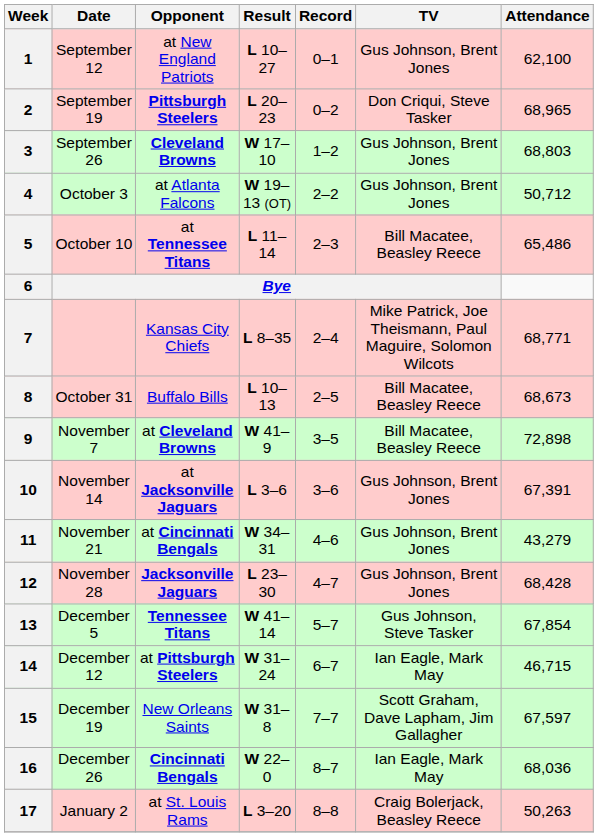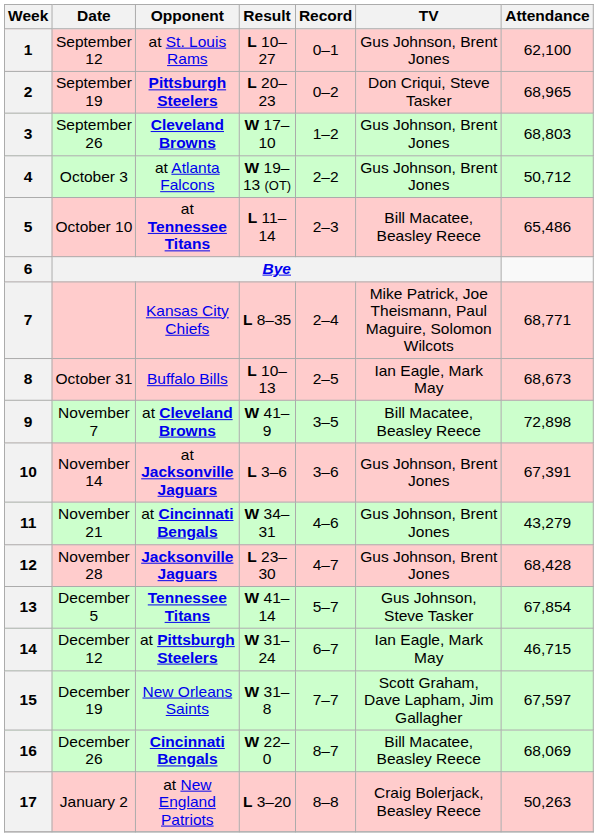 <table class="wikitable" style="text-align:center">
 <tr>
 <th>Week</th>
 <th>Date</th>
 <th>Opponent</th>
 <th>Result</th>
 <th>Record</th>
 <th>TV</th>
 <th>Attendance</th>
 </tr>
 <tr style="background: #fcc;">
 <th>1</th>
 <td>September 12</td>
-<td>at <a href='#'>New England Patriots</a></td>
+<td>at <a href='#'>St. Louis Rams</a></td>
 <td><strong>L</strong> 10–27</td>
 <td>0–1</td>
 <td>Gus Johnson, Brent Jones</td>
 <td>62,100</td>
 </tr>
 <tr style="background: #fcc;">
 <th>2</th>
 <td>September 19</td>
 <td><strong><a href='#'>Pittsburgh Steelers</a></strong></td>
 <td><strong>L</strong> 20–23</td>
 <td>0–2</td>
 <td>Don Criqui, Steve Tasker</td>
 <td>68,965</td>
 </tr>
 <tr style="background: #cfc;">
 <th>3</th>
 <td>September 26</td>
 <td><strong><a href='#'>Cleveland Browns</a></strong></td>
 <td><strong>W</strong> 17–10</td>
 <td>1–2</td>
 <td>Gus Johnson, Brent Jones</td>
 <td>68,803</td>
 </tr>
 <tr style="background: #cfc;">
 <th>4</th>
 <td>October 3</td>
 <td>at <a href='#'>Atlanta Falcons</a></td>
 <td><strong>W</strong> 19–13 <small>(OT)</small></td>
 <td>2–2</td>
 <td>Gus Johnson, Brent Jones</td>
 <td>50,712</td>
 </tr>
 <tr style="background: #fcc;">
 <th>5</th>
 <td>October 10</td>
 <td>at <strong><a href='#'>Tennessee Titans</a></strong></td>
 <td><strong>L</strong> 11–14</td>
 <td>2–3</td>
 <td>Bill Macatee, Beasley Reece</td>
 <td>65,486</td>
 </tr>
 <tr>
 <th>6</th>
 <th colspan=5 align="center"><em><a href='#'>Bye</a></em></th>
 </tr>
 <tr style="background: #fcc;">
 <th>7</th>
 <td></td>
 <td><a href='#'>Kansas City Chiefs</a></td>
 <td><strong>L</strong> 8–35</td>
 <td>2–4</td>
 <td>Mike Patrick, Joe Theismann, Paul Maguire, Solomon Wilcots</td>
 <td>68,771</td>
 </tr>
 <tr style="background: #fcc;">
 <th>8</th>
 <td>October 31</td>
 <td><a href='#'>Buffalo Bills</a></td>
 <td><strong>L</strong> 10–13</td>
 <td>2–5</td>
-<td>Bill Macatee, Beasley Reece</td>
+<td>Ian Eagle, Mark May</td>
 <td>68,673</td>
 </tr>
 <tr style="background: #cfc;">
 <th>9</th>
 <td>November 7</td>
 <td>at <strong><a href='#'>Cleveland Browns</a></strong></td>
 <td><strong>W</strong> 41–9</td>
 <td>3–5</td>
 <td>Bill Macatee, Beasley Reece</td>
 <td>72,898</td>
 </tr>
 <tr style="background: #fcc;">
 <th>10</th>
 <td>November 14</td>
 <td>at <strong><a href='#'>Jacksonville Jaguars</a></strong></td>
 <td><strong>L</strong> 3–6</td>
 <td>3–6</td>
 <td>Gus Johnson, Brent Jones</td>
 <td>67,391</td>
 </tr>
 <tr style="background: #cfc;">
 <th>11</th>
 <td>November 21</td>
 <td>at <strong><a href='#'>Cincinnati Bengals</a></strong></td>
 <td><strong>W</strong> 34–31</td>
 <td>4–6</td>
 <td>Gus Johnson, Brent Jones</td>
 <td>43,279</td>
 </tr>
 <tr style="background: #fcc;">
 <th>12</th>
 <td>November 28</td>
 <td><strong><a href='#'>Jacksonville Jaguars</a></strong></td>
 <td><strong>L</strong> 23–30</td>
 <td>4–7</td>
 <td>Gus Johnson, Brent Jones</td>
 <td>68,428</td>
 </tr>
 <tr style="background: #cfc;">
 <th>13</th>
 <td>December 5</td>
 <td><strong><a href='#'>Tennessee Titans</a></strong></td>
 <td><strong>W</strong> 41–14</td>
 <td>5–7</td>
 <td>Gus Johnson, Steve Tasker</td>
 <td>67,854</td>
 </tr>
 <tr style="background: #cfc;">
 <th>14</th>
 <td>December 12</td>
 <td>at <strong><a href='#'>Pittsburgh Steelers</a></strong></td>
 <td><strong>W</strong> 31–24</td>
 <td>6–7</td>
 <td>Ian Eagle, Mark May</td>
 <td>46,715</td>
 </tr>
 <tr style="background: #cfc;">
 <th>15</th>
 <td>December 19</td>
 <td><a href='#'>New Orleans Saints</a></td>
 <td><strong>W</strong> 31–8</td>
 <td>7–7</td>
 <td>Scott Graham, Dave Lapham, Jim Gallagher</td>
 <td>67,597</td>
 </tr>
 <tr style="background: #cfc;">
 <th>16</th>
 <td>December 26</td>
 <td><strong><a href='#'>Cincinnati Bengals</a></strong></td>
 <td><strong>W</strong> 22–0</td>
 <td>8–7</td>
-<td>Ian Eagle, Mark May</td>
-<td>68,036</td>
+<td>Bill Macatee, Beasley Reece</td>
+<td>68,069</td>
 </tr>
 <tr style="background: #fcc;">
 <th>17</th>
 <td>January 2</td>
-<td>at <a href='#'>St. Louis Rams</a></td>
+<td>at <a href='#'>New England Patriots</a></td>
 <td><strong>L</strong> 3–20</td>
 <td>8–8</td>
 <td>Craig Bolerjack, Beasley Reece</td>
 <td>50,263</td>
 </tr>
 <tr>
 </tr>
 </table>
